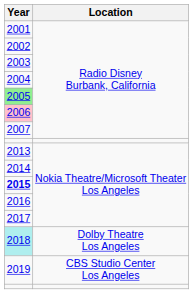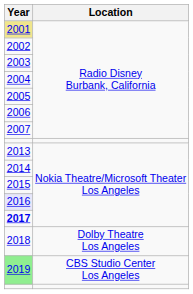 <table class="wikitable" style="text-align:center;">
 <tr>
 <th>Year</th>
 <th>Location</th>
 </tr>
 <tr>
-<td><a href='#'>2001</a></td>
+<td style="background: khaki;"><a href='#'>2001</a></td>
 <td rowspan="7"><a href='#'>Radio Disney</a><br><a href='#'>Burbank, California</a><br></td>
 </tr>
 <tr>
 <td><a href='#'>2002</a></td>
 </tr>
 <tr>
 <td><a href='#'>2003</a></td>
 </tr>
 <tr>
 <td><a href='#'>2004</a></td>
 </tr>
 <tr>
-<td style="background: lightgreen;"><a href='#'>2005</a></td>
+<td><a href='#'>2005</a></td>
 </tr>
 <tr>
-<td style="background: pink;"><a href='#'>2006</a></td>
+<td><a href='#'>2006</a></td>
 </tr>
 <tr>
 <td><a href='#'>2007</a></td>
 </tr>
 <tr>
 <td></td>
 <td></td>
 </tr>
 <tr>
 <td><a href='#'>2013</a></td>
 <td rowspan="5"><a href='#'>Nokia Theatre/Microsoft Theater</a><br><a href='#'>Los Angeles</a></td>
 </tr>
 <tr>
 <td><a href='#'>2014</a></td>
 </tr>
 <tr>
-<td><strong><a href='#'>2015</a></strong></td>
+<td><a href='#'>2015</a></td>
 </tr>
 <tr>
-<td><a href='#'>2016</a></td>
+<td style="background: lavender;"><a href='#'>2016</a></td>
 </tr>
 <tr>
-<td><a href='#'>2017</a></td>
+<td><strong><a href='#'>2017</a></strong></td>
 </tr>
 <tr>
-<td style="background: paleturquoise;"><a href='#'>2018</a></td>
+<td><a href='#'>2018</a></td>
 <td><a href='#'>Dolby Theatre</a><br><a href='#'>Los Angeles</a></td>
 </tr>
 <tr>
-<td><a href='#'>2019</a></td>
+<td style="background: lightgreen;"><a href='#'>2019</a></td>
 <td><a href='#'>CBS Studio Center</a><br><a href='#'>Los Angeles</a></td>
 </tr>
 <tr>
 <td></td>
 <td></td>
 </tr>
 </table>
